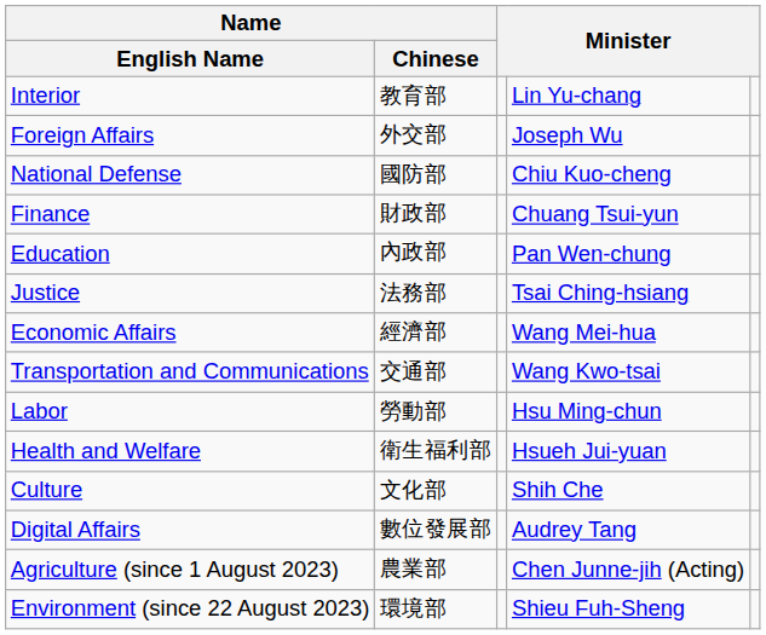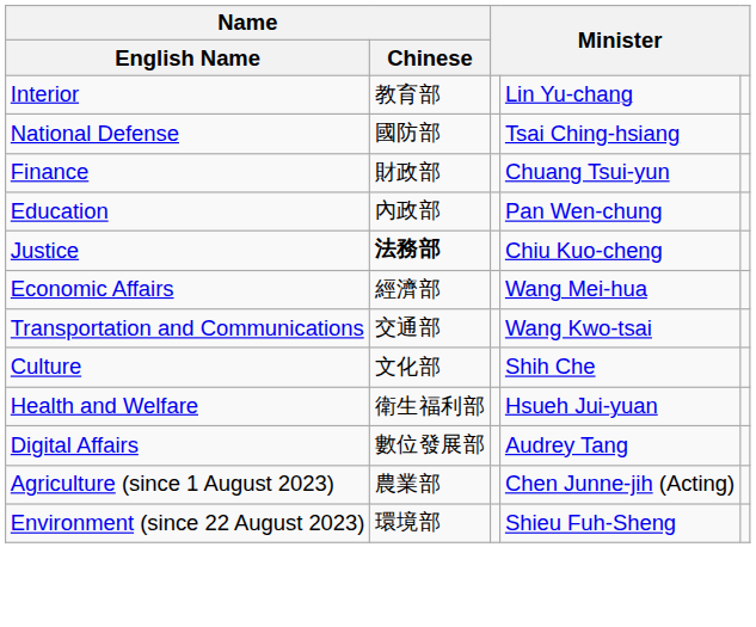 <table class="wikitable sortable">
 <tr>
 <th colspan="2">Name</th>
 <th colspan="3" rowspan="2">Minister</th>
 </tr>
 <tr>
 <th>English Name</th>
 <th>Chinese</th>
 </tr>
 <tr>
 <td><a href='#'>Interior</a></td>
 <td>教育部</td>
 <td style="background:"></td>
 <td><a href='#'>Lin Yu-chang</a></td>
 <td></td>
 </tr>
 <tr>
-<td><a href='#'>Foreign Affairs</a></td>
-<td>外交部</td>
-<td style="background:"></td>
-<td><a href='#'>Joseph Wu</a></td>
-<td></td>
-</tr>
-<tr>
 <td><a href='#'>National Defense</a></td>
 <td>國防部</td>
 <td style="background:"></td>
-<td><a href='#'>Chiu Kuo-cheng</a></td>
+<td><a href='#'>Tsai Ching-hsiang</a></td>
 <td></td>
 </tr>
 <tr>
 <td><a href='#'>Finance</a></td>
 <td>財政部</td>
 <td style="background:"></td>
 <td><a href='#'>Chuang Tsui-yun</a></td>
 <td></td>
 </tr>
 <tr>
 <td><a href='#'>Education</a></td>
 <td>內政部</td>
 <td style="background:"></td>
 <td><a href='#'>Pan Wen-chung</a></td>
 <td></td>
 </tr>
 <tr>
 <td><a href='#'>Justice</a></td>
-<td>法務部</td>
+<td><strong>法務部</strong></td>
 <td style="background:"></td>
-<td><a href='#'>Tsai Ching-hsiang</a></td>
+<td><a href='#'>Chiu Kuo-cheng</a></td>
 <td></td>
 </tr>
 <tr>
 <td><a href='#'>Economic Affairs</a></td>
 <td>經濟部</td>
 <td style="background:"></td>
 <td><a href='#'>Wang Mei-hua</a></td>
 <td></td>
 </tr>
 <tr>
 <td><a href='#'>Transportation and Communications</a></td>
 <td>交通部</td>
 <td style="background:"></td>
 <td><a href='#'>Wang Kwo-tsai</a></td>
 <td></td>
 </tr>
 <tr>
-<td><a href='#'>Labor</a></td>
-<td>勞動部</td>
+<td><a href='#'>Culture</a></td>
+<td>文化部</td>
 <td style="background:"></td>
-<td><a href='#'>Hsu Ming-chun</a></td>
+<td><a href='#'>Shih Che</a></td>
 <td></td>
 </tr>
 <tr>
 <td><a href='#'>Health and Welfare</a></td>
 <td>衛生福利部</td>
 <td style="background:"></td>
 <td><a href='#'>Hsueh Jui-yuan</a></td>
-<td></td>
-</tr>
-<tr>
-<td><a href='#'>Culture</a></td>
-<td>文化部</td>
-<td style="background:"></td>
-<td><a href='#'>Shih Che</a></td>
 <td></td>
 </tr>
 <tr>
 <td><a href='#'>Digital Affairs</a></td>
 <td>數位發展部</td>
 <td style="background:"></td>
 <td><a href='#'>Audrey Tang</a></td>
 <td></td>
 </tr>
 <tr>
 <td><a href='#'>Agriculture</a> (since 1 August 2023)</td>
 <td>農業部</td>
 <td style="background:"></td>
 <td><a href='#'>Chen Junne-jih</a> (Acting)</td>
 <td></td>
 </tr>
 <tr>
 <td><a href='#'>Environment</a> (since 22 August 2023)</td>
 <td>環境部</td>
 <td style="background:"></td>
 <td><a href='#'>Shieu Fuh-Sheng</a></td>
 <td></td>
 </tr>
 </table>
